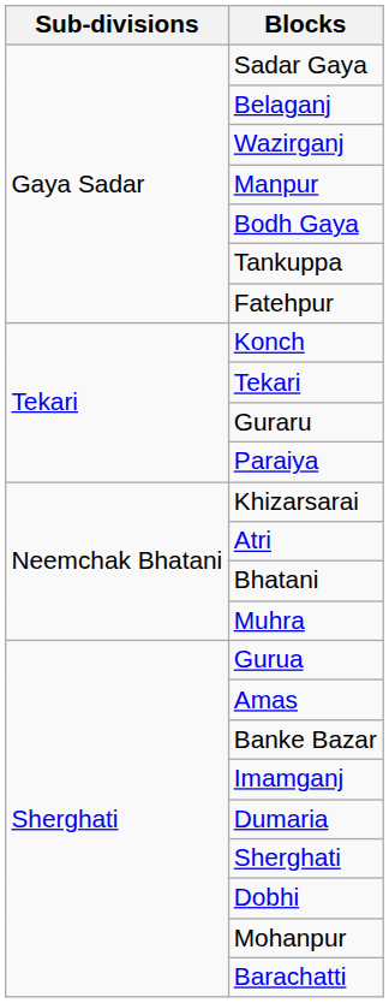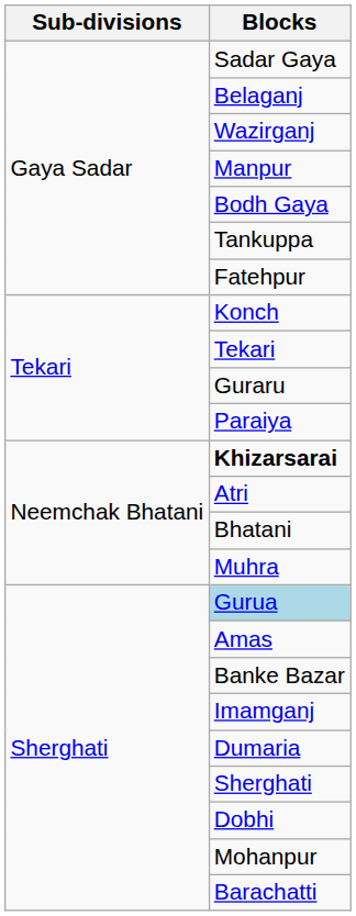 <table class="wikitable">
 <tr>
 <th>Sub-divisions</th>
 <th>Blocks</th>
 </tr>
 <tr>
 <td rowspan="7">Gaya Sadar</td>
 <td>Sadar Gaya</td>
 </tr>
 <tr>
 <td><a href='#'>Belaganj</a></td>
 </tr>
 <tr>
 <td><a href='#'>Wazirganj</a></td>
 </tr>
 <tr>
 <td><a href='#'>Manpur</a></td>
 </tr>
 <tr>
 <td><a href='#'>Bodh Gaya</a></td>
 </tr>
 <tr>
 <td>Tankuppa</td>
 </tr>
 <tr>
 <td>Fatehpur</td>
 </tr>
 <tr>
 <td rowspan="4"><a href='#'>Tekari</a></td>
 <td><a href='#'>Konch</a></td>
 </tr>
 <tr>
 <td><a href='#'>Tekari</a></td>
 </tr>
 <tr>
 <td>Guraru</td>
 </tr>
 <tr>
 <td><a href='#'>Paraiya</a></td>
 </tr>
 <tr>
 <td rowspan="4">Neemchak Bhatani</td>
-<td>Khizarsarai</td>
+<td><strong>Khizarsarai</strong></td>
 </tr>
 <tr>
 <td><a href='#'>Atri</a></td>
 </tr>
 <tr>
 <td>Bhatani</td>
 </tr>
 <tr>
 <td><a href='#'>Muhra</a></td>
 </tr>
 <tr>
 <td rowspan="9"><a href='#'>Sherghati</a></td>
-<td><a href='#'>Gurua</a></td>
+<td style="background: lightblue;"><a href='#'>Gurua</a></td>
 </tr>
 <tr>
 <td><a href='#'>Amas</a></td>
 </tr>
 <tr>
 <td>Banke Bazar</td>
 </tr>
 <tr>
 <td><a href='#'>Imamganj</a></td>
 </tr>
 <tr>
 <td><a href='#'>Dumaria</a></td>
 </tr>
 <tr>
 <td><a href='#'>Sherghati</a></td>
 </tr>
 <tr>
 <td><a href='#'>Dobhi</a></td>
 </tr>
 <tr>
 <td>Mohanpur</td>
 </tr>
 <tr>
 <td><a href='#'>Barachatti</a></td>
 </tr>
 </table>
